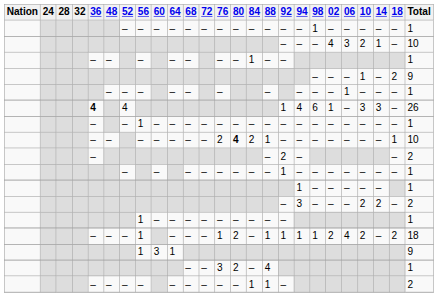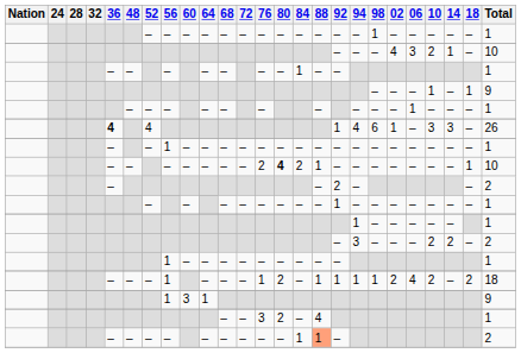 <table class="wikitable sortable collapsible plainrowheaders">
 <tr>
 <th>Nation</th>
 <th><span>24</span></th>
 <th><span>28</span></th>
 <th><span>32</span></th>
 <th data-sort-type="number"><a href='#'>36</a></th>
 <th data-sort-type="number"><a href='#'>48</a></th>
 <th data-sort-type="number"><a href='#'>52</a></th>
 <th data-sort-type="number"><a href='#'>56</a></th>
 <th data-sort-type="number"><a href='#'>60</a></th>
 <th data-sort-type="number"><a href='#'>64</a></th>
 <th data-sort-type="number"><a href='#'>68</a></th>
 <th data-sort-type="number"><a href='#'>72</a></th>
 <th data-sort-type="number"><a href='#'>76</a></th>
 <th data-sort-type="number"><a href='#'>80</a></th>
 <th data-sort-type="number"><a href='#'>84</a></th>
 <th data-sort-type="number"><a href='#'>88</a></th>
 <th data-sort-type="number"><a href='#'>92</a></th>
 <th data-sort-type="number"><a href='#'>94</a></th>
 <th data-sort-type="number"><a href='#'>98</a></th>
 <th data-sort-type="number"><a href='#'>02</a></th>
 <th data-sort-type="number"><a href='#'>06</a></th>
 <th data-sort-type="number"><a href='#'>10</a></th>
 <th data-sort-type="number"><a href='#'>14</a></th>
 <th data-sort-type="number"><a href='#'>18</a></th>
 <th data-sort-type="number">Total</th>
 </tr>
 <tr>
 <td align=left></td>
 <td style="background:#ddd"> </td>
 <td style="background:#ddd"> </td>
 <td style="background:#ddd"> </td>
 <td style="background:#ddd"> </td>
 <td style="background:#ddd"> </td>
 <td>–</td>
 <td>–</td>
 <td>–</td>
 <td>–</td>
 <td>–</td>
 <td>–</td>
 <td>–</td>
 <td>–</td>
 <td>–</td>
 <td>–</td>
 <td>–</td>
 <td>–</td>
 <td>1</td>
 <td>–</td>
 <td>–</td>
 <td>–</td>
 <td>–</td>
 <td>–</td>
 <td>1</td>
 </tr>
 <tr>
 </tr>
 <tr>
 </tr>
 <tr>
 <td align=left></td>
 <td style="background:#ddd"> </td>
 <td style="background:#ddd"> </td>
 <td style="background:#ddd"> </td>
 <td style="background:#ddd"> </td>
 <td style="background:#ddd"> </td>
 <td style="background:#ddd"> </td>
 <td style="background:#ddd"> </td>
 <td style="background:#ddd"> </td>
 <td style="background:#ddd"> </td>
 <td style="background:#ddd"> </td>
 <td style="background:#ddd"> </td>
 <td style="background:#ddd"> </td>
 <td style="background:#ddd"> </td>
 <td style="background:#ddd"> </td>
 <td style="background:#ddd"> </td>
 <td>–</td>
 <td>–</td>
 <td>–</td>
 <td>4</td>
 <td>3</td>
 <td>2</td>
 <td>1</td>
 <td>–</td>
 <td>10</td>
 </tr>
 <tr>
 <td align=left></td>
 <td style="background:#ddd"> </td>
 <td style="background:#ddd"> </td>
 <td style="background:#ddd"> </td>
 <td>–</td>
 <td>–</td>
 <td style="background:#ddd"> </td>
 <td>–</td>
 <td style="background:#ddd"> </td>
 <td>–</td>
 <td>–</td>
 <td style="background:#ddd"> </td>
 <td>–</td>
 <td>–</td>
 <td>1</td>
 <td>–</td>
 <td>–</td>
 <td style="background:#ddd"> </td>
 <td style="background:#ddd"> </td>
 <td style="background:#ddd"> </td>
 <td style="background:#ddd"> </td>
 <td style="background:#ddd"> </td>
 <td style="background:#ddd"> </td>
 <td style="background:#ddd"> </td>
 <td>1</td>
 </tr>
 <tr>
 <td align=left></td>
 <td style="background:#ddd"> </td>
 <td style="background:#ddd"> </td>
 <td style="background:#ddd"> </td>
 <td style="background:#ddd"> </td>
 <td style="background:#ddd"> </td>
 <td style="background:#ddd"> </td>
 <td style="background:#ddd"> </td>
 <td style="background:#ddd"> </td>
 <td style="background:#ddd"> </td>
 <td style="background:#ddd"> </td>
 <td style="background:#ddd"> </td>
 <td style="background:#ddd"> </td>
 <td style="background:#ddd"> </td>
 <td style="background:#ddd"> </td>
 <td style="background:#ddd"> </td>
 <td style="background:#ddd"> </td>
 <td style="background:#ddd"> </td>
 <td>–</td>
 <td>–</td>
 <td>–</td>
 <td>1</td>
 <td>–</td>
-<td>2</td>
+<td>1</td>
 <td>9</td>
 </tr>
 <tr>
 <td align=left></td>
 <td style="background:#ddd"> </td>
 <td style="background:#ddd"> </td>
 <td style="background:#ddd"> </td>
 <td style="background:#ddd"> </td>
 <td>–</td>
 <td>–</td>
 <td>–</td>
 <td style="background:#ddd"> </td>
 <td>–</td>
 <td>–</td>
 <td style="background:#ddd"> </td>
 <td>–</td>
 <td style="background:#ddd"> </td>
 <td style="background:#ddd"> </td>
 <td>–</td>
 <td style="background:#ddd"> </td>
 <td>–</td>
 <td>–</td>
 <td>–</td>
 <td>1</td>
 <td>–</td>
 <td>–</td>
 <td>–</td>
 <td>1</td>
 </tr>
 <tr>
 </tr>
 <tr>
 <td align=left></td>
 <td style="background:#ddd"> </td>
 <td style="background:#ddd"> </td>
 <td style="background:#ddd"> </td>
 <td><strong>4</strong></td>
 <td style="background:#ddd"> </td>
 <td>4</td>
 <td style="background:#ddd"> </td>
 <td style="background:#ddd"> </td>
 <td style="background:#ddd"> </td>
 <td style="background:#ddd"> </td>
 <td style="background:#ddd"> </td>
 <td style="background:#ddd"> </td>
 <td style="background:#ddd"> </td>
 <td style="background:#ddd"> </td>
 <td style="background:#ddd"> </td>
 <td>1</td>
 <td>4</td>
 <td>6</td>
 <td>1</td>
 <td>–</td>
 <td>3</td>
 <td>3</td>
 <td>–</td>
 <td>26</td>
 </tr>
 <tr>
 </tr>
 <tr>
 <td align=left></td>
 <td style="background:#ddd"> </td>
 <td style="background:#ddd"> </td>
 <td style="background:#ddd"> </td>
 <td>–</td>
 <td style="background:#ddd"> </td>
 <td>–</td>
 <td>1</td>
 <td>–</td>
 <td>–</td>
 <td>–</td>
 <td>–</td>
 <td>–</td>
 <td>–</td>
 <td>–</td>
 <td>–</td>
 <td>–</td>
 <td>–</td>
 <td>–</td>
 <td>–</td>
 <td>–</td>
 <td>–</td>
 <td>–</td>
 <td>–</td>
 <td>1</td>
 </tr>
 <tr>
 <td align=left></td>
 <td style="background:#ddd"> </td>
 <td style="background:#ddd"> </td>
 <td style="background:#ddd"> </td>
 <td>–</td>
 <td>–</td>
 <td style="background:#ddd"> </td>
 <td>–</td>
 <td>–</td>
 <td>–</td>
 <td>–</td>
 <td>–</td>
 <td>2</td>
 <td><strong>4</strong></td>
 <td>2</td>
 <td>1</td>
 <td>–</td>
 <td>–</td>
 <td>–</td>
 <td>–</td>
 <td>–</td>
 <td>–</td>
 <td>–</td>
 <td>1</td>
 <td>10</td>
 </tr>
 <tr>
 <td align=left></td>
 <td style="background:#ddd"> </td>
 <td style="background:#ddd"> </td>
 <td style="background:#ddd"> </td>
 <td>–</td>
 <td style="background:#ddd"> </td>
 <td style="background:#ddd"> </td>
 <td style="background:#ddd"> </td>
 <td style="background:#ddd"> </td>
 <td style="background:#ddd"> </td>
 <td style="background:#ddd"> </td>
 <td style="background:#ddd"> </td>
 <td style="background:#ddd"> </td>
 <td style="background:#ddd"> </td>
 <td style="background:#ddd"> </td>
 <td>–</td>
 <td>2</td>
 <td>–</td>
 <td style="background:#ddd"> </td>
 <td style="background:#ddd"> </td>
 <td style="background:#ddd"> </td>
 <td style="background:#ddd"> </td>
 <td style="background:#ddd"> </td>
 <td>–</td>
 <td>2</td>
 </tr>
 <tr>
 <td align=left></td>
 <td style="background:#ddd"> </td>
 <td style="background:#ddd"> </td>
 <td style="background:#ddd"> </td>
 <td style="background:#ddd"> </td>
 <td style="background:#ddd"> </td>
 <td>–</td>
 <td style="background:#ddd"> </td>
 <td>–</td>
 <td style="background:#ddd"> </td>
 <td>–</td>
 <td>–</td>
 <td>–</td>
 <td>–</td>
 <td>–</td>
 <td>–</td>
 <td>1</td>
 <td>–</td>
 <td>–</td>
 <td>–</td>
 <td>–</td>
 <td>–</td>
 <td>–</td>
 <td>–</td>
 <td>1</td>
 </tr>
 <tr>
 </tr>
 <tr>
 <td align=left></td>
 <td style="background:#ddd"> </td>
 <td style="background:#ddd"> </td>
 <td style="background:#ddd"> </td>
 <td style="background:#ddd"> </td>
 <td style="background:#ddd"> </td>
 <td style="background:#ddd"> </td>
 <td style="background:#ddd"> </td>
 <td style="background:#ddd"> </td>
 <td style="background:#ddd"> </td>
 <td style="background:#ddd"> </td>
 <td style="background:#ddd"> </td>
 <td style="background:#ddd"> </td>
 <td style="background:#ddd"> </td>
 <td style="background:#ddd"> </td>
 <td style="background:#ddd"> </td>
 <td style="background:#ddd"> </td>
 <td>1</td>
 <td>–</td>
 <td>–</td>
 <td>–</td>
 <td>–</td>
 <td>–</td>
 <td style="background:#ddd"> </td>
 <td>1</td>
 </tr>
 <tr>
 <td align=left></td>
 <td style="background:#ddd"> </td>
 <td style="background:#ddd"> </td>
 <td style="background:#ddd"> </td>
 <td style="background:#ddd"> </td>
 <td style="background:#ddd"> </td>
 <td style="background:#ddd"> </td>
 <td style="background:#ddd"> </td>
 <td style="background:#ddd"> </td>
 <td style="background:#ddd"> </td>
 <td style="background:#ddd"> </td>
 <td style="background:#ddd"> </td>
 <td style="background:#ddd"> </td>
 <td style="background:#ddd"> </td>
 <td style="background:#ddd"> </td>
 <td style="background:#ddd"> </td>
 <td>–</td>
 <td>3</td>
 <td>–</td>
 <td>–</td>
 <td>–</td>
 <td>2</td>
 <td>2</td>
 <td>–</td>
 <td>2</td>
 </tr>
 <tr>
 <td align=left></td>
 <td style="background:#ddd"> </td>
 <td style="background:#ddd"> </td>
 <td style="background:#ddd"> </td>
 <td style="background:#ddd"> </td>
 <td style="background:#ddd"> </td>
 <td style="background:#ddd"> </td>
 <td>1</td>
 <td>–</td>
 <td>–</td>
 <td>–</td>
 <td>–</td>
 <td>–</td>
 <td>–</td>
 <td>–</td>
 <td>–</td>
 <td>–</td>
 <td style="background:#ddd"> </td>
 <td style="background:#ddd"> </td>
 <td style="background:#ddd"> </td>
 <td style="background:#ddd"> </td>
 <td style="background:#ddd"> </td>
 <td style="background:#ddd"> </td>
 <td style="background:#ddd"> </td>
 <td>1</td>
 </tr>
 <tr>
 </tr>
 <tr>
 <td align=left></td>
 <td style="background:#ddd"> </td>
 <td style="background:#ddd"> </td>
 <td style="background:#ddd"> </td>
 <td>–</td>
 <td>–</td>
 <td>–</td>
 <td>1</td>
 <td style="background:#ddd"> </td>
 <td>–</td>
 <td>–</td>
 <td>–</td>
 <td>1</td>
 <td>2</td>
 <td>–</td>
 <td>1</td>
 <td>1</td>
 <td>1</td>
 <td>1</td>
 <td>2</td>
 <td>4</td>
 <td>2</td>
 <td>–</td>
 <td>2</td>
 <td>18</td>
 </tr>
 <tr>
 </tr>
 <tr>
 </tr>
 <tr>
 <td align=left></td>
 <td style="background:#ddd"> </td>
 <td style="background:#ddd"> </td>
 <td style="background:#ddd"> </td>
 <td style="background:#ddd"> </td>
 <td style="background:#ddd"> </td>
 <td style="background:#ddd"> </td>
 <td>1</td>
 <td>3</td>
 <td>1</td>
 <td style="background:#ddd"> </td>
 <td style="background:#ddd"> </td>
 <td style="background:#ddd"> </td>
 <td style="background:#ddd"> </td>
 <td style="background:#ddd"> </td>
 <td style="background:#ddd"> </td>
 <td style="background:#ddd"> </td>
 <td style="background:#ddd"> </td>
 <td style="background:#ddd"> </td>
 <td style="background:#ddd"> </td>
 <td style="background:#ddd"> </td>
 <td style="background:#ddd"> </td>
 <td style="background:#ddd"> </td>
 <td style="background:#ddd"> </td>
 <td>9</td>
 </tr>
 <tr>
 </tr>
 <tr>
 <td align=left></td>
 <td style="background:#ddd"> </td>
 <td style="background:#ddd"> </td>
 <td style="background:#ddd"> </td>
 <td style="background:#ddd"> </td>
 <td style="background:#ddd"> </td>
 <td style="background:#ddd"> </td>
 <td style="background:#ddd"> </td>
 <td style="background:#ddd"> </td>
 <td style="background:#ddd"> </td>
 <td>–</td>
 <td>–</td>
 <td>3</td>
 <td>2</td>
 <td>–</td>
 <td>4</td>
 <td style="background:#ddd"> </td>
 <td style="background:#ddd"> </td>
 <td style="background:#ddd"> </td>
 <td style="background:#ddd"> </td>
 <td style="background:#ddd"> </td>
 <td style="background:#ddd"> </td>
 <td style="background:#ddd"> </td>
 <td style="background:#ddd"> </td>
 <td>1</td>
 </tr>
 <tr>
 <td align=left></td>
 <td style="background:#ddd"> </td>
 <td style="background:#ddd"> </td>
 <td style="background:#ddd"> </td>
 <td>–</td>
 <td>–</td>
 <td>–</td>
 <td>–</td>
 <td style="background:#ddd"> </td>
 <td>–</td>
 <td>–</td>
 <td>–</td>
 <td>–</td>
 <td>–</td>
 <td>1</td>
-<td>1</td>
+<td style="background: lightsalmon;">1</td>
 <td>–</td>
 <td style="background:#ddd"> </td>
 <td style="background:#ddd"> </td>
 <td style="background:#ddd"> </td>
 <td style="background:#ddd"> </td>
 <td style="background:#ddd"> </td>
 <td style="background:#ddd"> </td>
 <td style="background:#ddd"> </td>
 <td>2</td>
 </tr>
 <tr class="sortbottom">
 </tr>
 </table>
